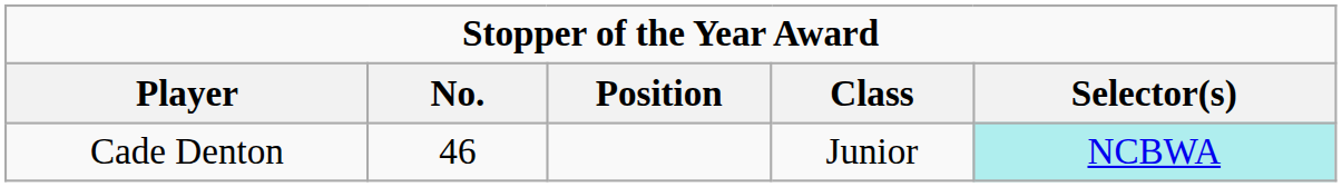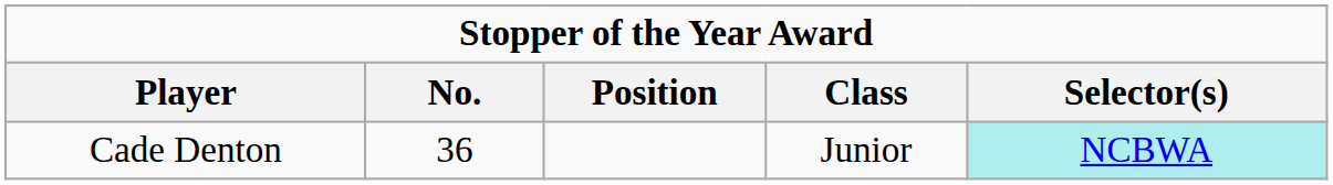 <table class="wikitable" style="text-align:center">
 <tr>
 <td colspan="5" style= ><strong>Stopper of the Year Award</strong></td>
 </tr>
 <tr>
 <th style="width:150px; ">Player</th>
 <th style="width:70px; ">No.</th>
 <th style="width:90px; ">Position</th>
 <th style="width:80px; ">Class</th>
 <th style="width:150px; ">Selector(s)</th>
 </tr>
 <tr>
 <td>Cade Denton</td>
-<td>46</td>
+<td>36</td>
 <td></td>
 <td>Junior</td>
 <td style="background: paleturquoise;"><a href='#'>NCBWA</a></td>
 </tr>
 </table>
